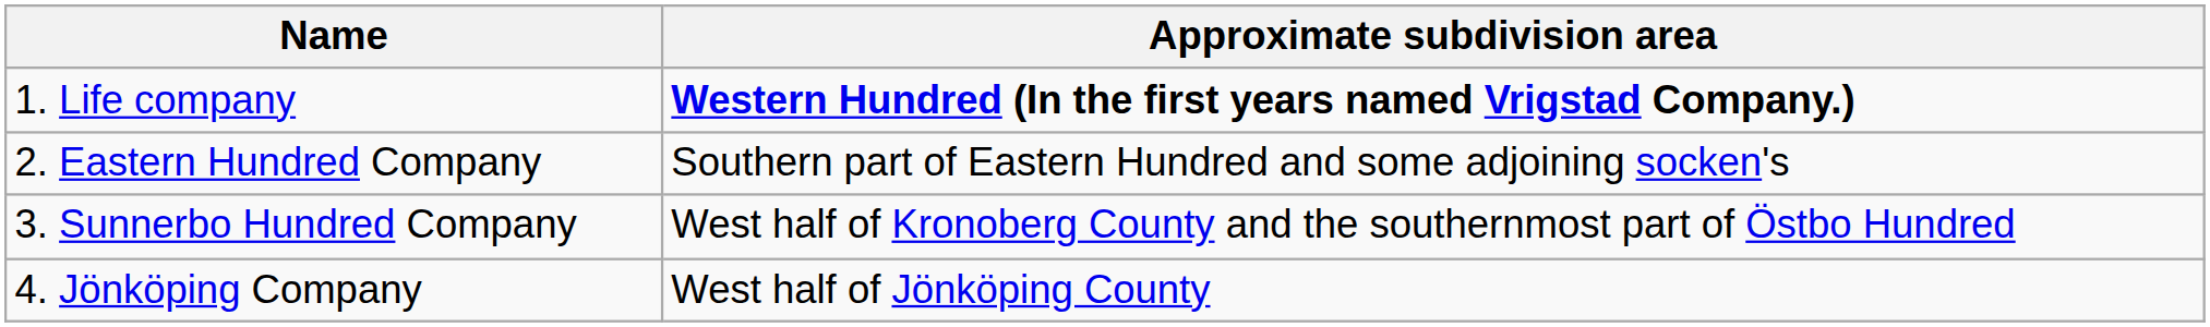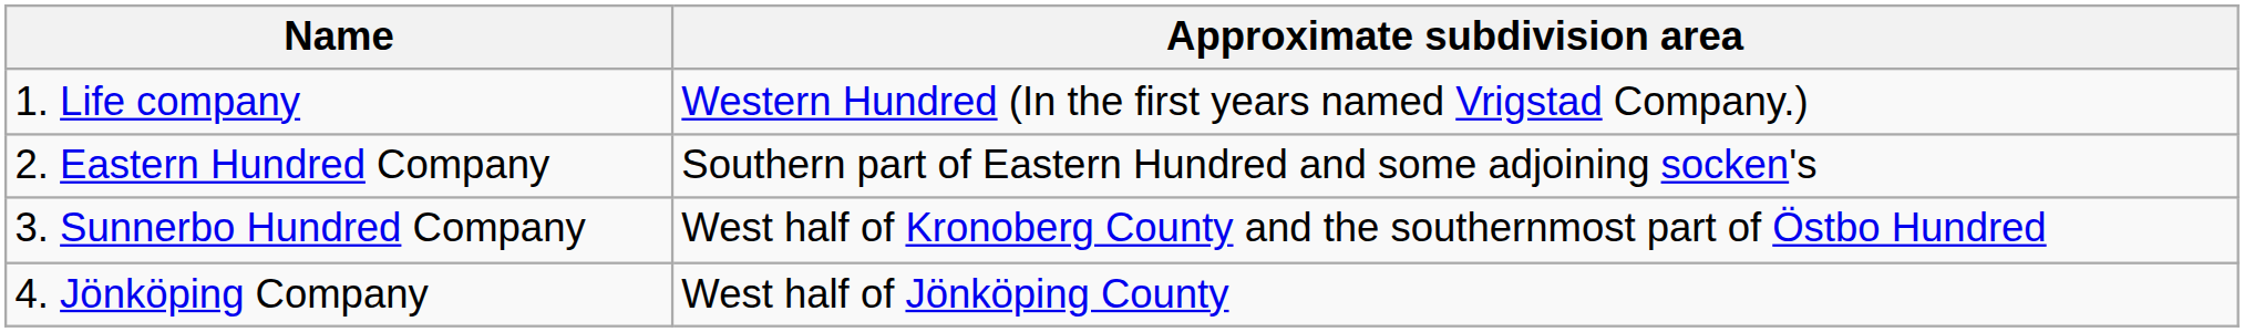 <table class="wikitable" width=70% |>
 <tr>
 <th>Name</th>
 <th>Approximate subdivision area</th>
 </tr>
 <tr>
 <td>1. <a href='#'>Life company</a></td>
-<td><strong><a href='#'>Western Hundred</a> (In the first years named <a href='#'>Vrigstad</a> Company.)</strong></td>
+<td><a href='#'>Western Hundred</a> (In the first years named <a href='#'>Vrigstad</a> Company.)</td>
 </tr>
 <tr>
 <td>2. <a href='#'>Eastern Hundred</a> Company</td>
 <td>Southern part of Eastern Hundred and some adjoining <a href='#'>socken</a>'s</td>
 </tr>
 <tr>
 <td>3. <a href='#'>Sunnerbo Hundred</a> Company</td>
 <td>West half of <a href='#'>Kronoberg County</a> and the southernmost part of <a href='#'>Östbo Hundred</a></td>
 </tr>
 <tr>
 <td>4. <a href='#'>Jönköping</a> Company</td>
 <td>West half of <a href='#'>Jönköping County</a></td>
 </tr>
 </table>
